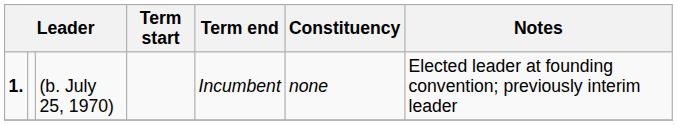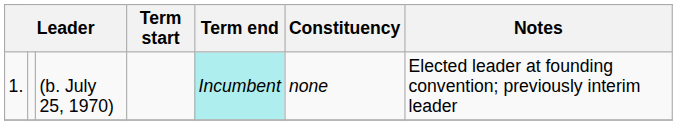 <table class="wikitable">
 <tr>
 <th colspan=3>Leader</th>
 <th>Term start</th>
 <th>Term end</th>
 <th>Constituency</th>
 <th>Notes</th>
 </tr>
 <tr>
-<td><strong>1.</strong></td>
+<td>1.</td>
 <td></td>
 <td><br>(b. July 25, 1970)</td>
 <td></td>
-<td><em>Incumbent</em></td>
+<td style="background: paleturquoise;"><em>Incumbent</em></td>
 <td><em>none</em></td>
 <td>Elected leader at founding convention; previously interim leader</td>
 </tr>
 <tr>
 </tr>
 </table>
